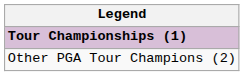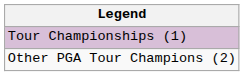 <table class="wikitable" style="font-size:95%;">
 <tr>
 <th>Legend</th>
 </tr>
 <tr style="background:thistle;">
-<td><strong>Tour Championships (1)</strong></td>
+<td>Tour Championships (1)</td>
 </tr>
 <tr>
 <td>Other PGA Tour Champions (2)</td>
 </tr>
 </table>
